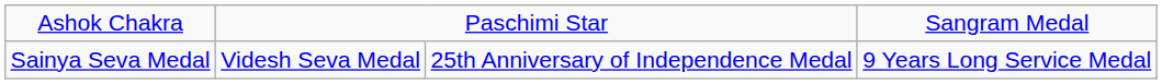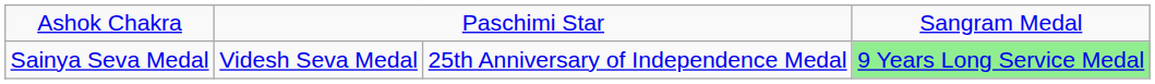 <table class="wikitable" style="margin:1em auto; text-align:center;">
 <tr>
 <td colspan="1"><a href='#'>Ashok Chakra</a></td>
 <td colspan="2"><a href='#'>Paschimi Star</a></td>
 <td colspan="1"><a href='#'>Sangram Medal</a></td>
 </tr>
 <tr>
 <td><a href='#'>Sainya Seva Medal</a></td>
 <td><a href='#'>Videsh Seva Medal</a></td>
 <td><a href='#'>25th Anniversary of Independence Medal</a></td>
-<td><a href='#'>9 Years Long Service Medal</a></td>
+<td style="background: lightgreen;"><a href='#'>9 Years Long Service Medal</a></td>
 </tr>
 </table>
